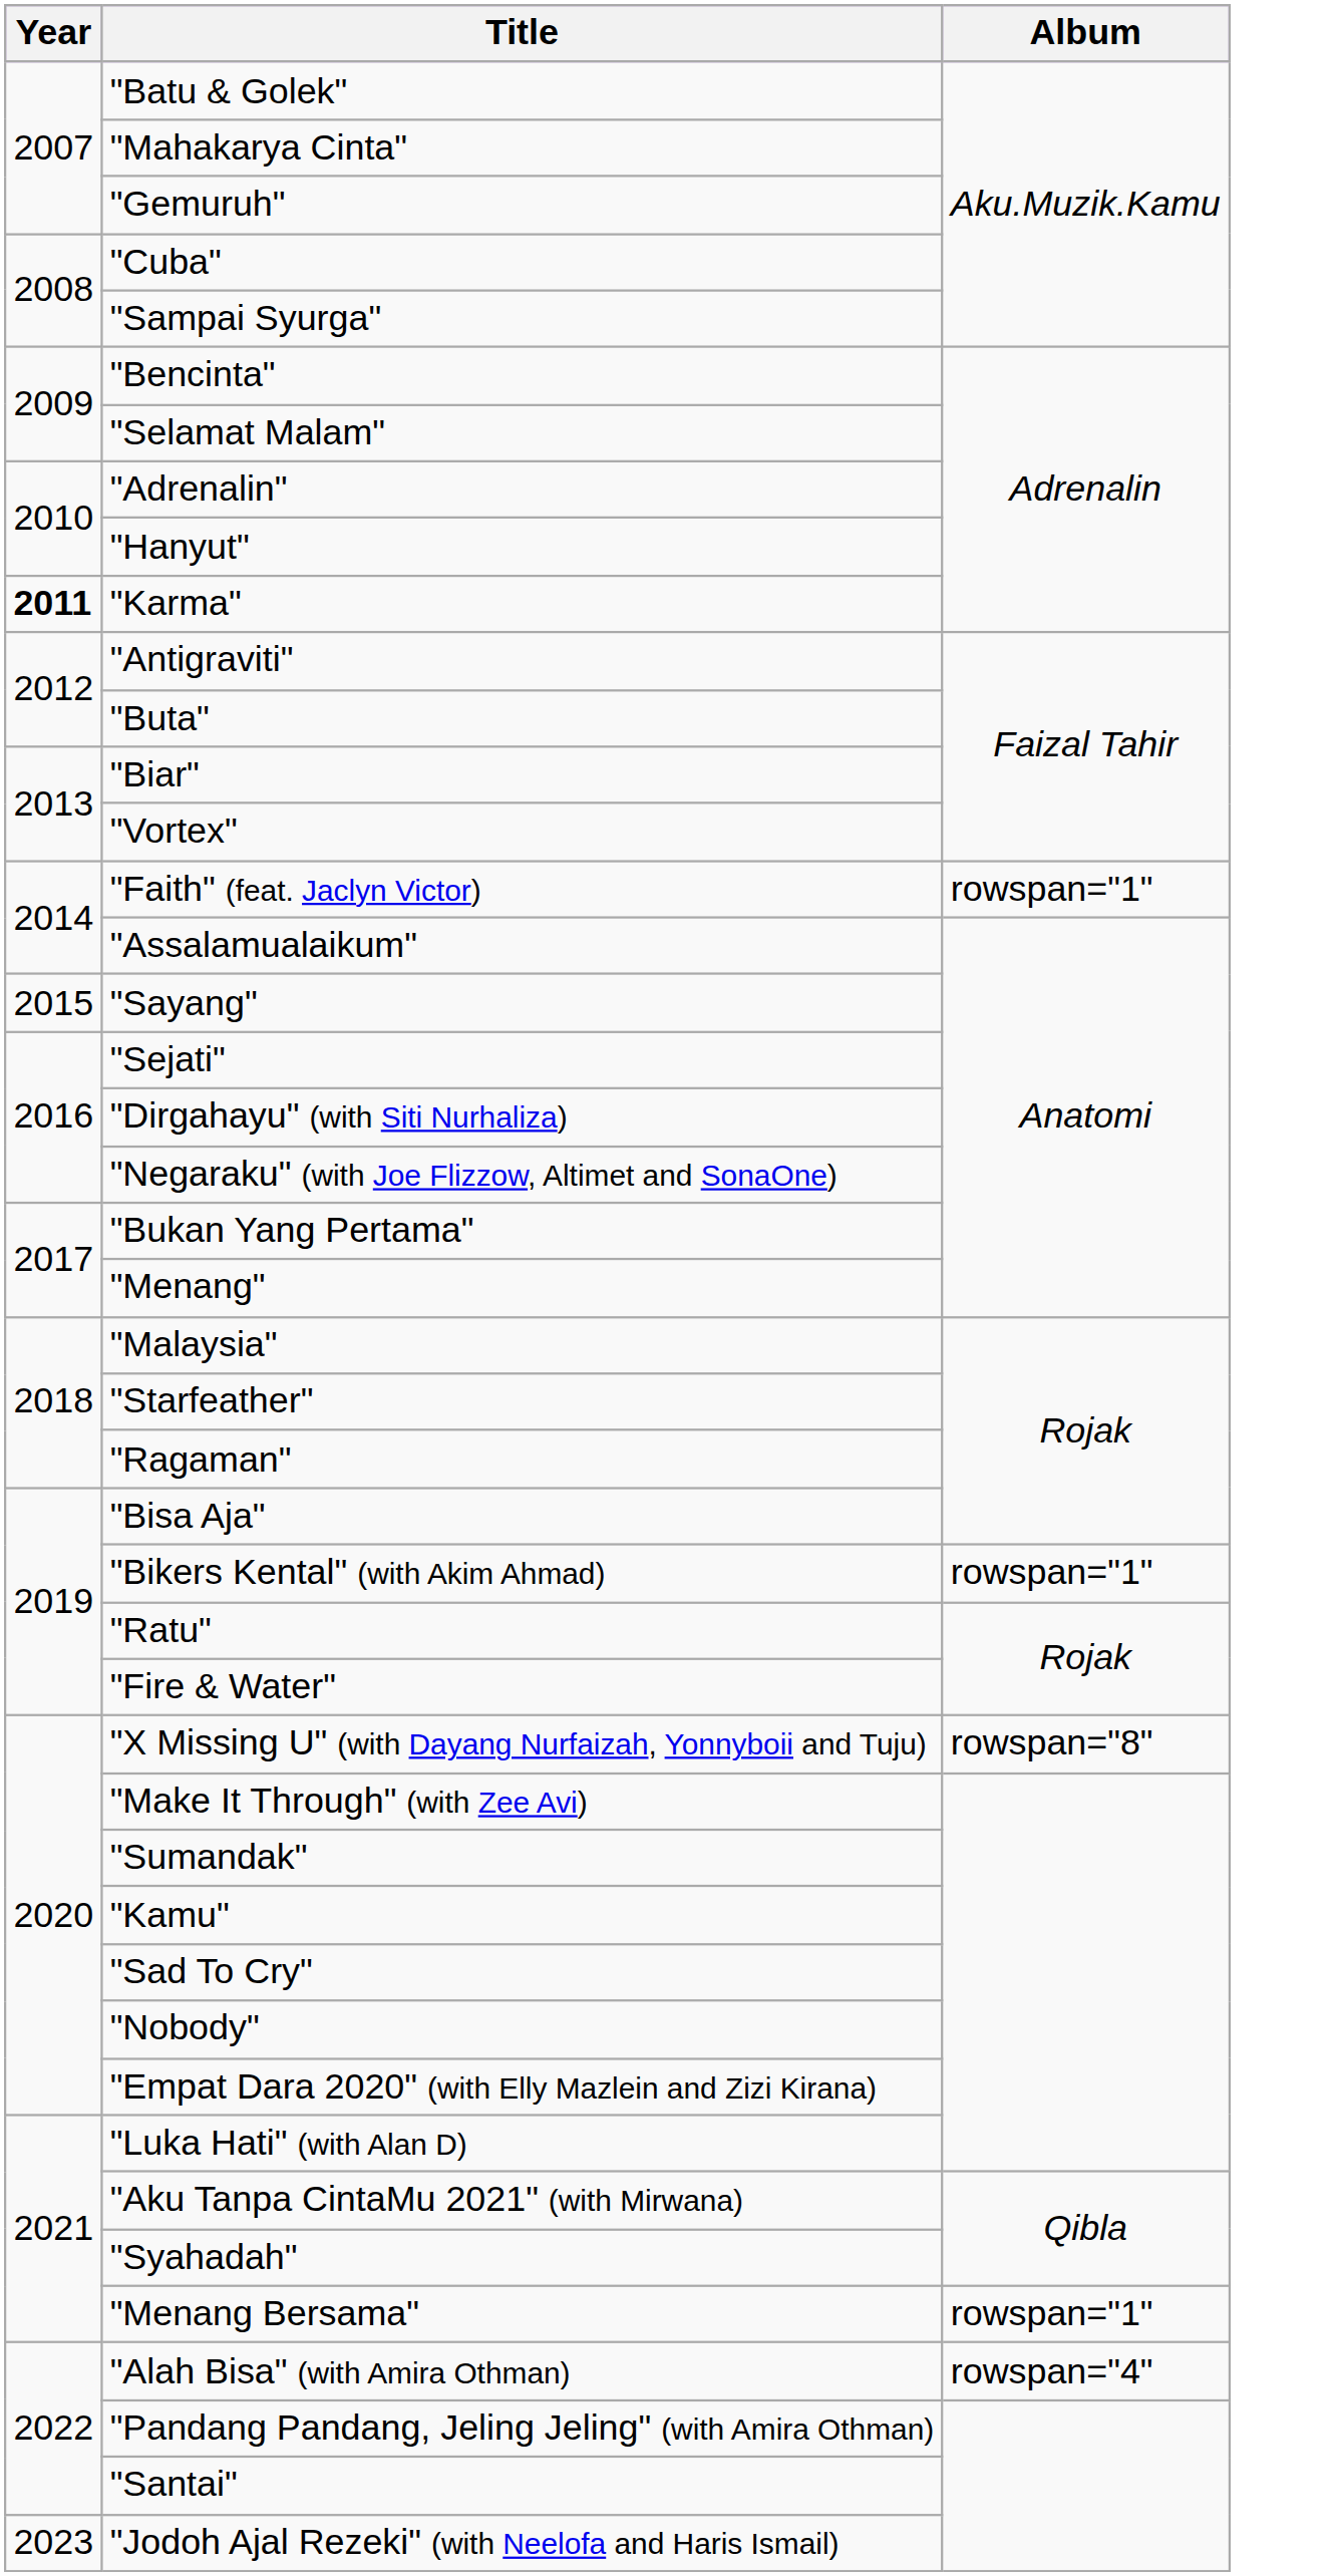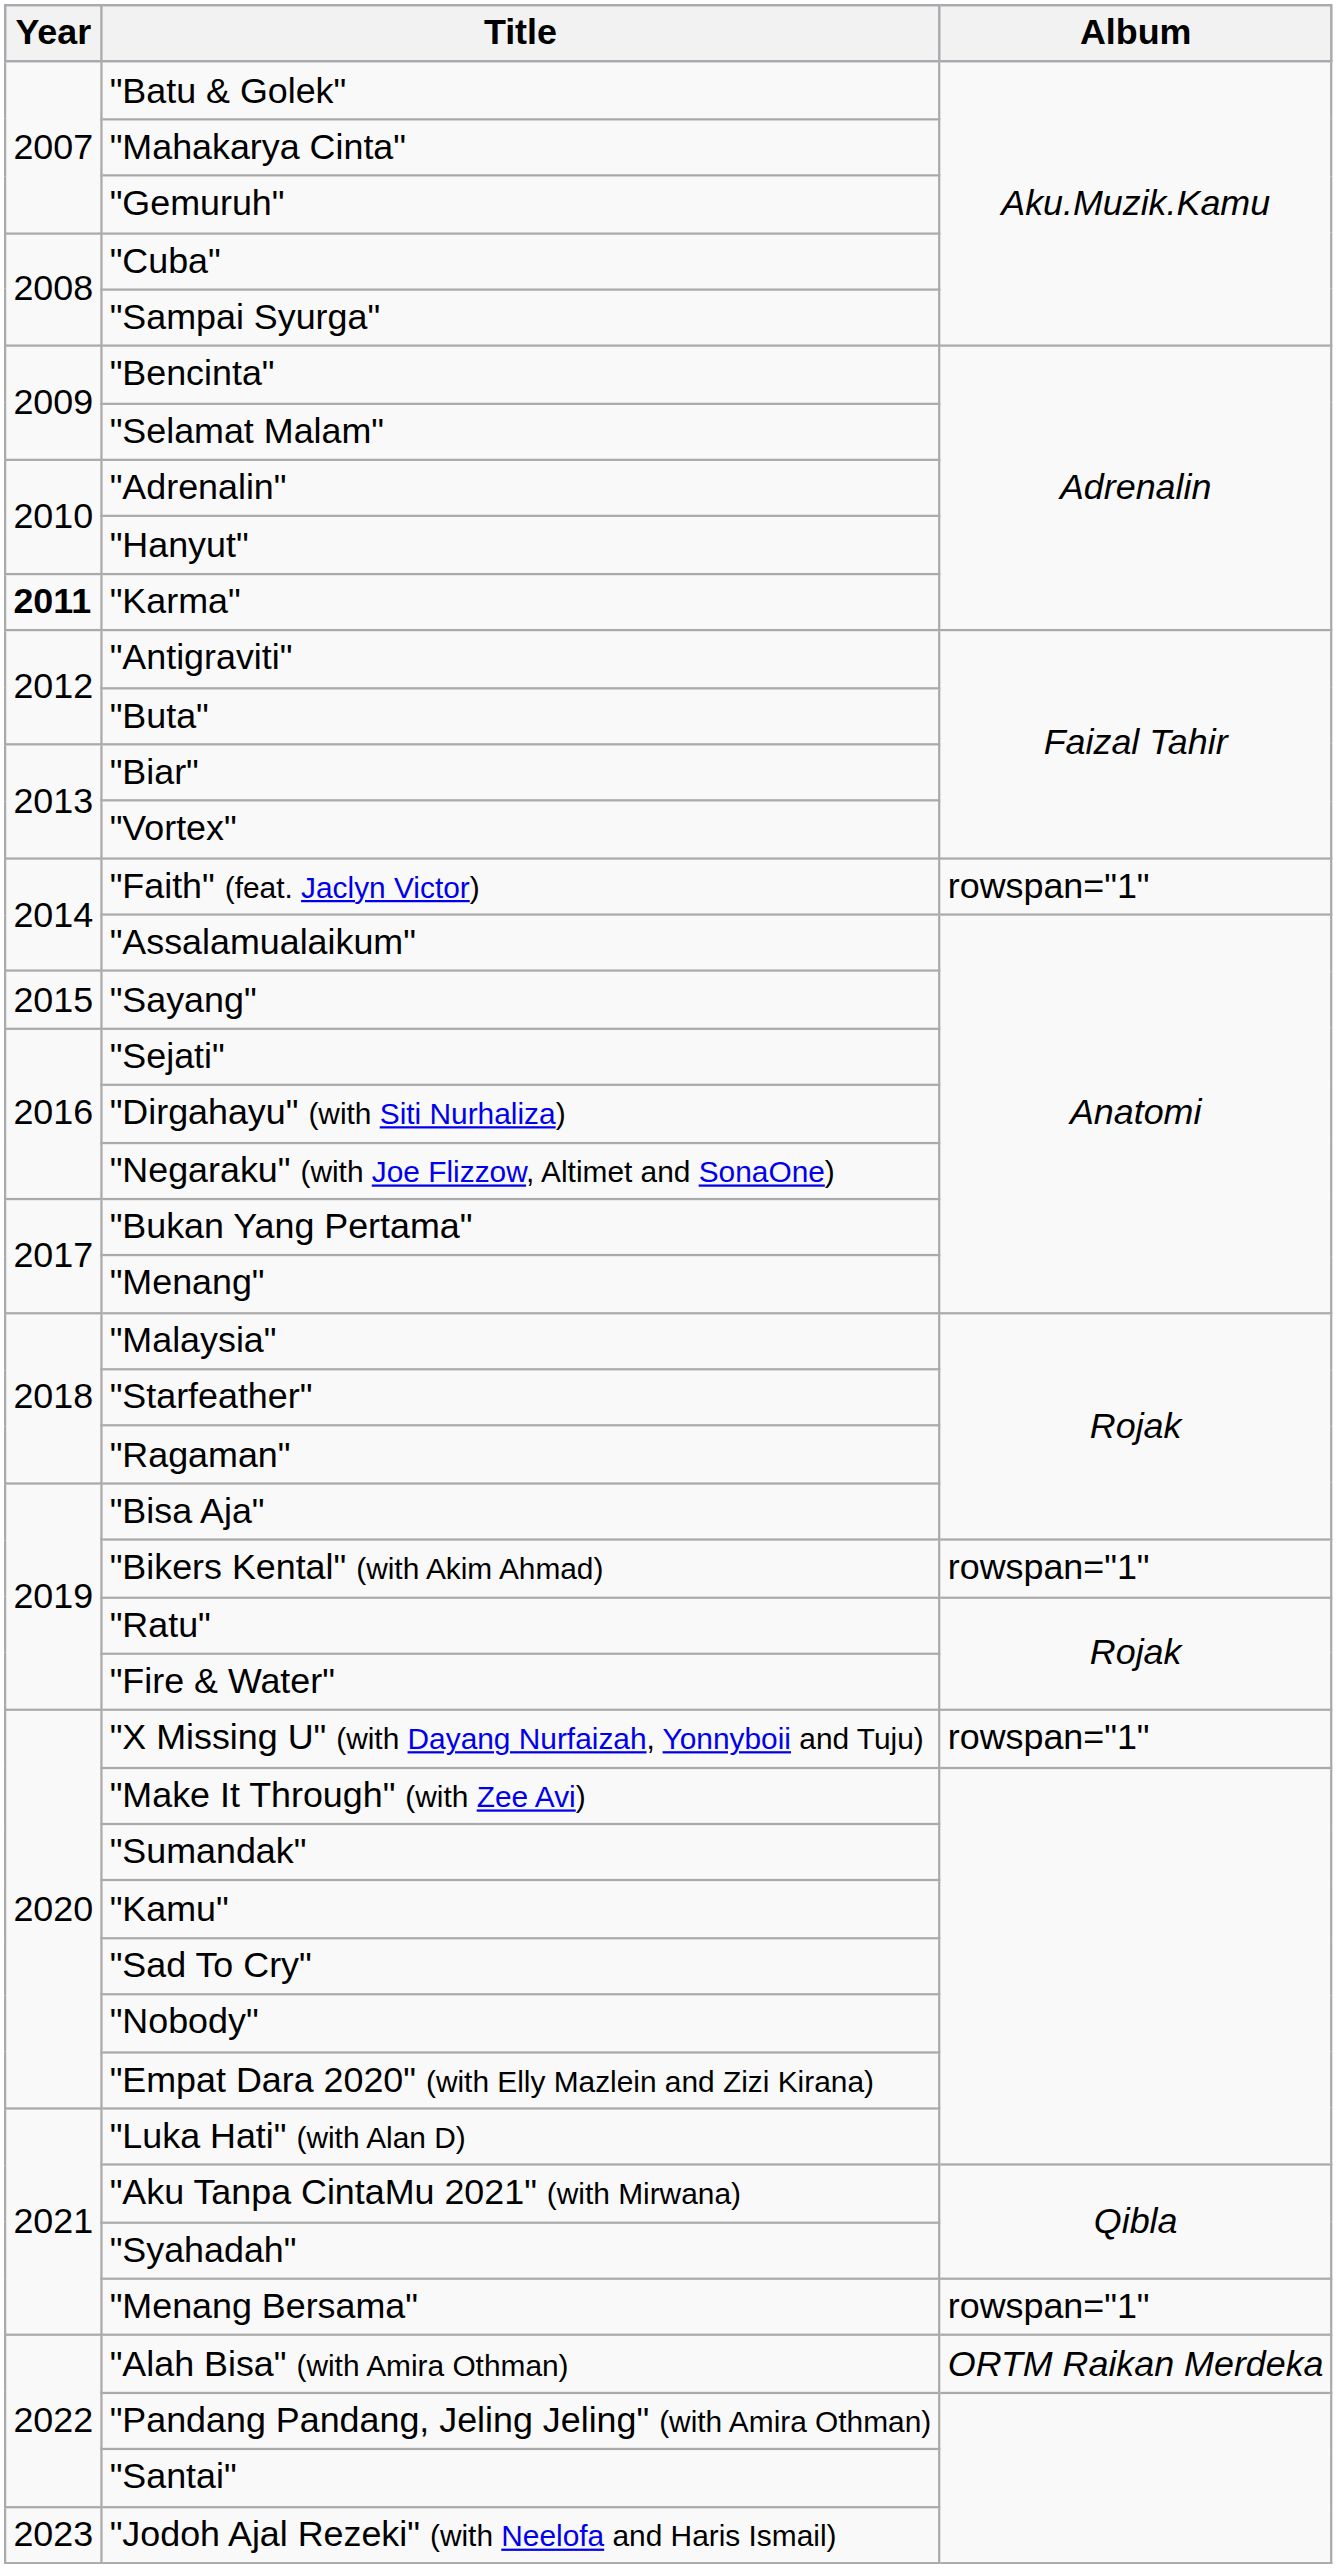 <table class="wikitable">
 <tr style="background:#96c; text-align:center;">
 <th style="text-align:center;">Year</th>
 <th>Title</th>
 <th>Album</th>
 </tr>
 <tr>
 <td rowspan="3">2007</td>
 <td>"Batu & Golek"</td>
 <td rowspan="5" style="text-align:center;"><em>Aku.Muzik.Kamu</em></td>
 </tr>
 <tr>
 <td>"Mahakarya Cinta"</td>
 </tr>
 <tr>
 <td>"Gemuruh"</td>
 </tr>
 <tr>
 <td rowspan="2">2008</td>
 <td>"Cuba"</td>
 </tr>
 <tr>
 <td>"Sampai Syurga"</td>
 </tr>
 <tr>
 <td rowspan="2">2009</td>
 <td>"Bencinta"</td>
 <td rowspan="5" style="text-align:center;"><em>Adrenalin</em></td>
 </tr>
 <tr>
 <td>"Selamat Malam"</td>
 </tr>
 <tr>
 <td rowspan="2">2010</td>
 <td>"Adrenalin"</td>
 </tr>
 <tr>
 <td>"Hanyut"</td>
 </tr>
 <tr>
 <td><strong>2011</strong></td>
 <td>"Karma"</td>
 </tr>
 <tr>
 <td rowspan="2">2012</td>
 <td>"Antigraviti"</td>
 <td rowspan="4" style="text-align:center;"><em>Faizal Tahir</em></td>
 </tr>
 <tr>
 <td>"Buta"</td>
 </tr>
 <tr>
 <td rowspan="2">2013</td>
 <td>"Biar"</td>
 </tr>
 <tr>
 <td>"Vortex"</td>
 </tr>
 <tr>
 <td rowspan="2">2014</td>
 <td>"Faith" <small>(feat. <a href='#'>Jaclyn Victor</a>)</small></td>
 <td>rowspan="1" </td>
 </tr>
 <tr>
 <td>"Assalamualaikum"</td>
 <td rowspan="7" style="text-align:center;"><em>Anatomi</em></td>
 </tr>
 <tr>
 <td>2015</td>
 <td>"Sayang"</td>
 </tr>
 <tr>
 <td rowspan="3">2016</td>
 <td>"Sejati"</td>
 </tr>
 <tr>
 <td>"Dirgahayu" <small>(with <a href='#'>Siti Nurhaliza</a>)</small></td>
 </tr>
 <tr>
 <td>"Negaraku" <small>(with <a href='#'>Joe Flizzow</a>, Altimet and <a href='#'>SonaOne</a>)</small></td>
 </tr>
 <tr>
 <td rowspan="2">2017</td>
 <td>"Bukan Yang Pertama"</td>
 </tr>
 <tr>
 <td>"Menang"</td>
 </tr>
 <tr>
 <td rowspan="3">2018</td>
 <td>"Malaysia"</td>
 <td rowspan="4" style="text-align:center;"><em>Rojak</em></td>
 </tr>
 <tr>
 <td>"Starfeather"</td>
 </tr>
 <tr>
 <td>"Ragaman"</td>
 </tr>
 <tr>
 <td rowspan="4">2019</td>
 <td>"Bisa Aja"</td>
 </tr>
 <tr>
 <td>"Bikers Kental" <small>(with Akim Ahmad)</small></td>
 <td>rowspan="1" </td>
 </tr>
 <tr>
 <td>"Ratu"</td>
 <td rowspan="2" style="text-align:center;"><em>Rojak</em></td>
 </tr>
 <tr>
 <td>"Fire & Water"</td>
 </tr>
 <tr>
 <td rowspan="7">2020</td>
 <td>"X Missing U" <small>(with <a href='#'>Dayang Nurfaizah</a>, <a href='#'>Yonnyboii</a> and Tuju)</small></td>
-<td>rowspan="8" </td>
+<td>rowspan="1" </td>
 </tr>
 <tr>
 <td>"Make It Through" <small>(with <a href='#'>Zee Avi</a>)</small></td>
 </tr>
 <tr>
 <td>"Sumandak"</td>
 </tr>
 <tr>
 <td>"Kamu"</td>
 </tr>
 <tr>
 <td>"Sad To Cry"</td>
 </tr>
 <tr>
 <td>"Nobody"</td>
 </tr>
 <tr>
 <td>"Empat Dara 2020" <small>(with Elly Mazlein and Zizi Kirana)</small></td>
 </tr>
 <tr>
 <td rowspan="4">2021</td>
 <td>"Luka Hati" <small>(with Alan D)</small></td>
 </tr>
 <tr>
 <td>"Aku Tanpa CintaMu 2021" <small>(with Mirwana)</small></td>
 <td rowspan="2" style="text-align:center;"><em>Qibla</em></td>
 </tr>
 <tr>
 <td>"Syahadah"</td>
 </tr>
 <tr>
 <td>"Menang Bersama"</td>
 <td>rowspan="1" </td>
 </tr>
 <tr>
 <td rowspan="3">2022</td>
 <td>"Alah Bisa" <small>(with Amira Othman)</small></td>
-<td>rowspan="4" </td>
+<td rowspan="1" style="text-align:center;"><em>ORTM Raikan Merdeka</em></td>
 </tr>
 <tr>
 <td>"Pandang Pandang, Jeling Jeling" <small>(with Amira Othman)</small></td>
 </tr>
 <tr>
 <td>"Santai"</td>
 </tr>
 <tr>
 <td>2023</td>
 <td>"Jodoh Ajal Rezeki" <small>(with <a href='#'>Neelofa</a> and Haris Ismail)</small></td>
 </tr>
 </table>
